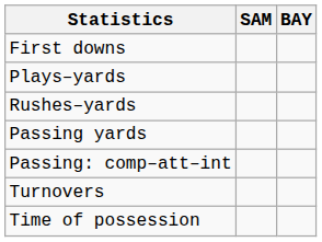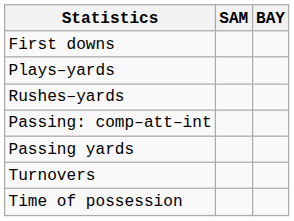 <table class="wikitable" style="float:left">
 <tr>
 <th>Statistics</th>
 <th>SAM</th>
 <th>BAY</th>
 </tr>
 <tr>
 <td>First downs</td>
 <td></td>
 <td></td>
 </tr>
 <tr>
 <td>Plays–yards</td>
 <td></td>
 <td></td>
 </tr>
 <tr>
 <td>Rushes–yards</td>
 <td></td>
 <td></td>
 </tr>
 <tr>
-<td>Passing yards</td>
+<td>Passing: comp–att–int</td>
 <td></td>
 <td></td>
 </tr>
 <tr>
-<td>Passing: comp–att–int</td>
+<td>Passing yards</td>
 <td></td>
 <td></td>
 </tr>
 <tr>
 <td>Turnovers</td>
 <td></td>
 <td></td>
 </tr>
 <tr>
 <td>Time of possession</td>
 <td></td>
 <td></td>
 </tr>
 </table>
